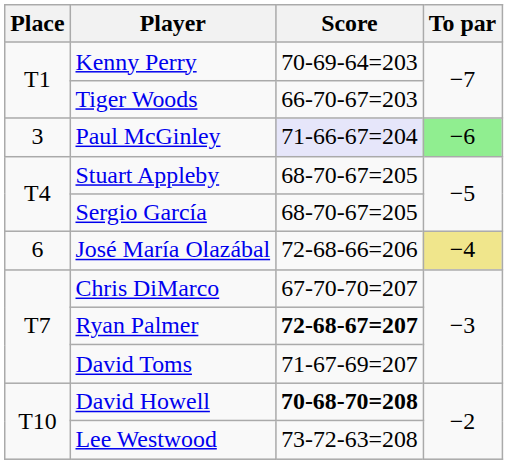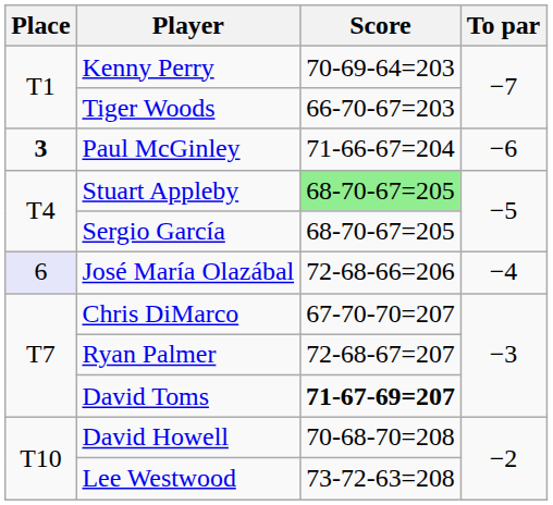 <table class="wikitable">
 <tr>
 <th>Place</th>
 <th>Player</th>
 <th>Score</th>
 <th>To par</th>
 </tr>
 <tr>
 <td rowspan="2" align=center>T1</td>
 <td> <a href='#'>Kenny Perry</a></td>
 <td align=center>70-69-64=203</td>
 <td rowspan="2" align=center>−7</td>
 </tr>
 <tr>
 <td> <a href='#'>Tiger Woods</a></td>
 <td align=center>66-70-67=203</td>
 </tr>
 <tr>
-<td align=center>3</td>
+<td align=center><strong>3</strong></td>
 <td> <a href='#'>Paul McGinley</a></td>
-<td align=center style="background: lavender;">71-66-67=204</td>
-<td align=center style="background: lightgreen;">−6</td>
+<td align=center>71-66-67=204</td>
+<td align=center>−6</td>
 </tr>
 <tr>
 <td rowspan="2" align=center>T4</td>
 <td> <a href='#'>Stuart Appleby</a></td>
-<td align=center>68-70-67=205</td>
+<td align=center style="background: lightgreen;">68-70-67=205</td>
 <td rowspan="2" align=center>−5</td>
 </tr>
 <tr>
 <td> <a href='#'>Sergio García</a></td>
 <td align=center>68-70-67=205</td>
 </tr>
 <tr>
-<td align=center>6</td>
+<td align=center style="background: lavender;">6</td>
 <td> <a href='#'>José María Olazábal</a></td>
 <td align=center>72-68-66=206</td>
-<td align=center style="background: khaki;">−4</td>
+<td align=center>−4</td>
 </tr>
 <tr>
 <td rowspan="3" align=center>T7</td>
 <td> <a href='#'>Chris DiMarco</a></td>
 <td align=center>67-70-70=207</td>
 <td rowspan="3" align=center>−3</td>
 </tr>
 <tr>
 <td> <a href='#'>Ryan Palmer</a></td>
-<td align=center><strong>72-68-67=207</strong></td>
+<td align=center>72-68-67=207</td>
 </tr>
 <tr>
 <td> <a href='#'>David Toms</a></td>
-<td align=center>71-67-69=207</td>
+<td align=center><strong>71-67-69=207</strong></td>
 </tr>
 <tr>
 <td rowspan="2" align=center>T10</td>
 <td> <a href='#'>David Howell</a></td>
-<td align=center><strong>70-68-70=208</strong></td>
+<td align=center>70-68-70=208</td>
 <td rowspan="2" align=center>−2</td>
 </tr>
 <tr>
 <td> <a href='#'>Lee Westwood</a></td>
 <td align=center>73-72-63=208</td>
 </tr>
 </table>
